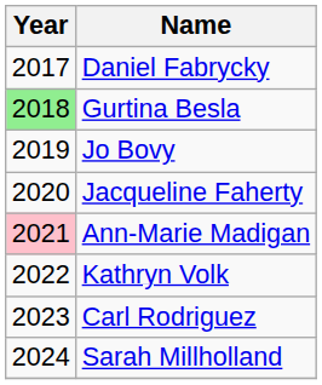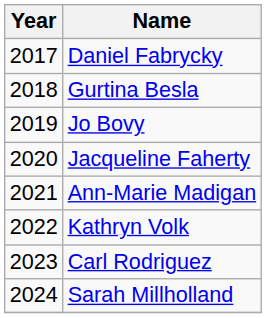 <table class="wikitable" align=center>
 <tr>
 <th>Year</th>
 <th>Name</th>
 </tr>
 <tr>
 <td>2017</td>
 <td><a href='#'>Daniel Fabrycky</a></td>
 </tr>
 <tr>
-<td style="background: lightgreen;">2018</td>
+<td>2018</td>
 <td><a href='#'>Gurtina Besla</a></td>
 </tr>
 <tr>
 <td>2019</td>
 <td><a href='#'>Jo Bovy</a></td>
 </tr>
 <tr>
 <td>2020</td>
 <td><a href='#'>Jacqueline Faherty</a></td>
 </tr>
 <tr>
-<td style="background: pink;">2021</td>
+<td>2021</td>
 <td><a href='#'>Ann-Marie Madigan</a></td>
 </tr>
 <tr>
 <td>2022</td>
 <td><a href='#'>Kathryn Volk</a></td>
 </tr>
 <tr>
 <td>2023</td>
 <td><a href='#'>Carl Rodriguez</a></td>
 </tr>
 <tr>
 <td>2024</td>
 <td><a href='#'>Sarah Millholland</a></td>
 </tr>
 <tr>
 </tr>
 </table>
